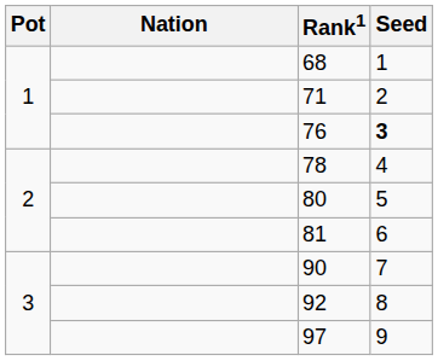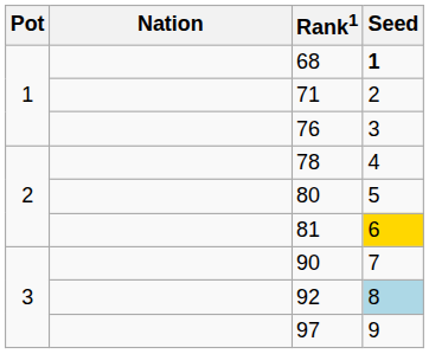 <table class="wikitable">
 <tr>
 <th>Pot</th>
 <th width="175">Nation</th>
 <th>Rank<sup>1</sup></th>
 <th>Seed</th>
 </tr>
 <tr>
 <td rowspan=3 style="text-align:center;">1</td>
 <td></td>
 <td>68</td>
-<td>1</td>
+<td><strong>1</strong></td>
 </tr>
 <tr>
 <td></td>
 <td>71</td>
 <td>2</td>
 </tr>
 <tr>
 <td></td>
 <td>76</td>
-<td><strong>3</strong></td>
+<td>3</td>
 </tr>
 <tr>
 <td rowspan=3 style="text-align:center;">2</td>
 <td></td>
 <td>78</td>
 <td>4</td>
 </tr>
 <tr>
 <td></td>
 <td>80</td>
 <td>5</td>
 </tr>
 <tr>
 <td></td>
 <td>81</td>
-<td>6</td>
+<td style="background: gold;">6</td>
 </tr>
 <tr>
 <td rowspan=3 style="text-align:center;">3</td>
 <td></td>
 <td>90</td>
 <td>7</td>
 </tr>
 <tr>
 <td></td>
 <td>92</td>
-<td>8</td>
+<td style="background: lightblue;">8</td>
 </tr>
 <tr>
 <td></td>
 <td>97</td>
 <td>9</td>
 </tr>
 </table>
